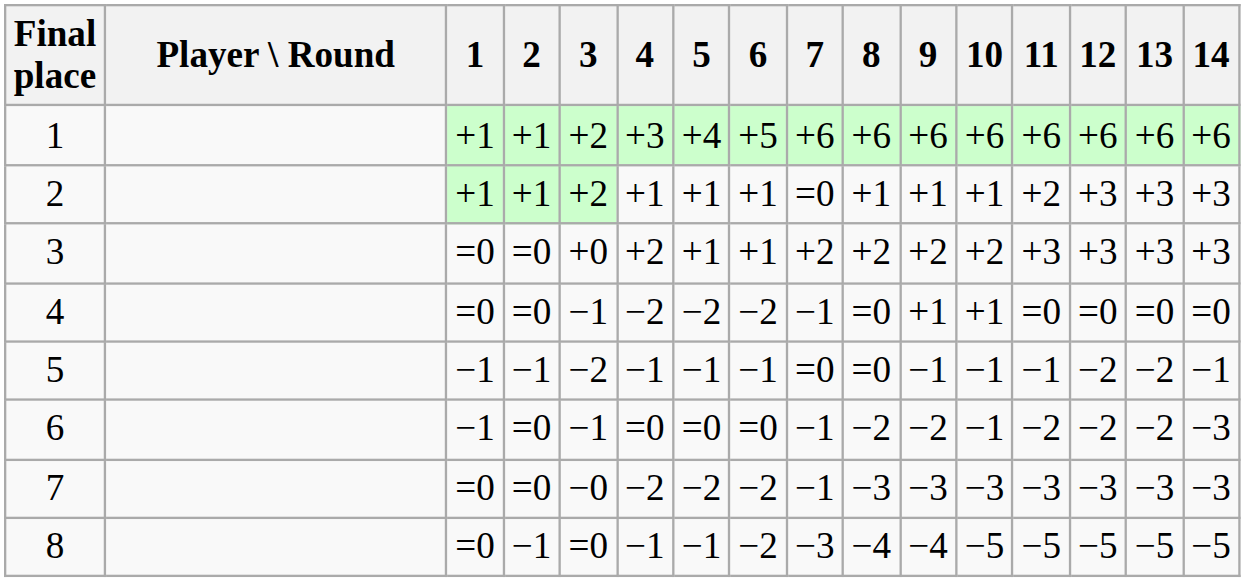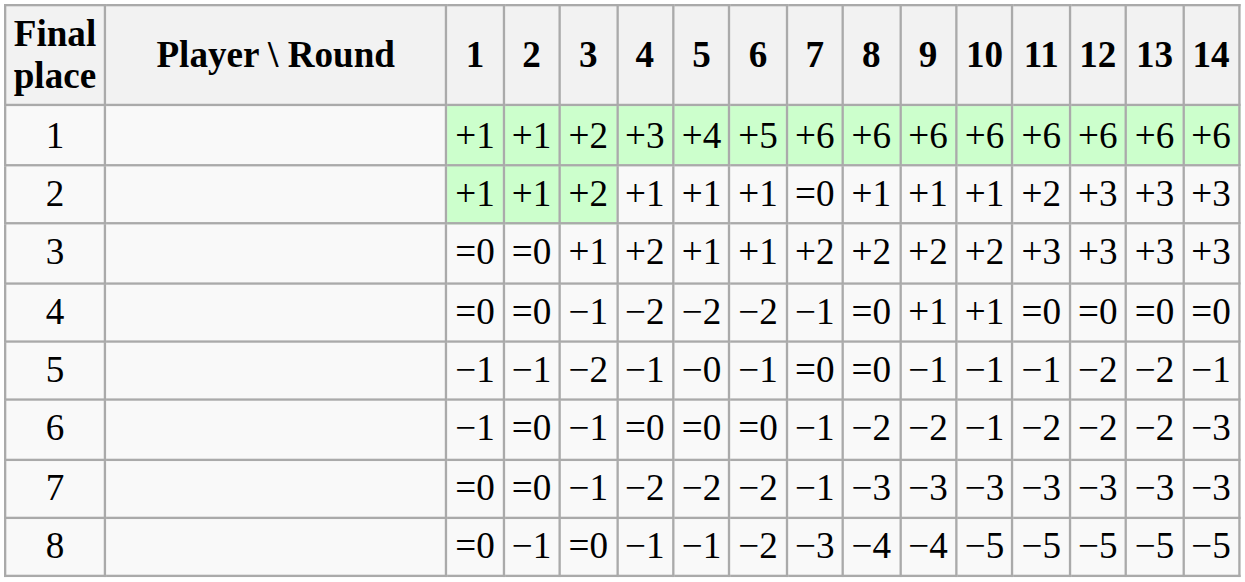 <table class="wikitable" style="font-size:100%; text-align:center; white-space: nowrap;">
 <tr>
 <th>Final<br>place</th>
 <th style="width:140px;">Player \ Round</th>
 <th>1</th>
 <th>2</th>
 <th>3</th>
 <th>4</th>
 <th>5</th>
 <th>6</th>
 <th>7</th>
 <th>8</th>
 <th>9</th>
 <th>10</th>
 <th>11</th>
 <th>12</th>
 <th>13</th>
 <th>14</th>
 </tr>
 <tr>
 <td>1</td>
 <td align=left></td>
 <td bgcolor=#ccffcc>+1</td>
 <td bgcolor=#ccffcc>+1</td>
 <td bgcolor=#ccffcc>+2</td>
 <td bgcolor=#ccffcc>+3</td>
 <td bgcolor=#ccffcc>+4</td>
 <td bgcolor=#ccffcc>+5</td>
 <td bgcolor=#ccffcc>+6</td>
 <td bgcolor=#ccffcc>+6</td>
 <td bgcolor=#ccffcc>+6</td>
 <td bgcolor=#ccffcc>+6</td>
 <td bgcolor=#ccffcc>+6</td>
 <td bgcolor=#ccffcc>+6</td>
 <td bgcolor=#ccffcc>+6</td>
 <td bgcolor=#ccffcc>+6</td>
 </tr>
 <tr>
 <td>2</td>
 <td align=left></td>
 <td bgcolor=#ccffcc>+1</td>
 <td bgcolor=#ccffcc>+1</td>
 <td bgcolor=#ccffcc>+2</td>
 <td>+1</td>
 <td>+1</td>
 <td>+1</td>
 <td>=0</td>
 <td>+1</td>
 <td>+1</td>
 <td>+1</td>
 <td>+2</td>
 <td>+3</td>
 <td>+3</td>
 <td>+3</td>
 </tr>
 <tr>
 <td>3</td>
 <td align=left></td>
 <td>=0</td>
 <td>=0</td>
-<td>+0</td>
+<td>+1</td>
 <td>+2</td>
 <td>+1</td>
 <td>+1</td>
 <td>+2</td>
 <td>+2</td>
 <td>+2</td>
 <td>+2</td>
 <td>+3</td>
 <td>+3</td>
 <td>+3</td>
 <td>+3</td>
 </tr>
 <tr>
 <td>4</td>
 <td align=left></td>
 <td>=0</td>
 <td>=0</td>
 <td>−1</td>
 <td>−2</td>
 <td>−2</td>
 <td>−2</td>
 <td>−1</td>
 <td>=0</td>
 <td>+1</td>
 <td>+1</td>
 <td>=0</td>
 <td>=0</td>
 <td>=0</td>
 <td>=0</td>
 </tr>
 <tr>
 <td>5</td>
 <td align=left></td>
 <td>−1</td>
 <td>−1</td>
 <td>−2</td>
 <td>−1</td>
-<td>−1</td>
+<td>−0</td>
 <td>−1</td>
 <td>=0</td>
 <td>=0</td>
 <td>−1</td>
 <td>−1</td>
 <td>−1</td>
 <td>−2</td>
 <td>−2</td>
 <td>−1</td>
 </tr>
 <tr>
 <td>6</td>
 <td align=left></td>
 <td>−1</td>
 <td>=0</td>
 <td>−1</td>
 <td>=0</td>
 <td>=0</td>
 <td>=0</td>
 <td>−1</td>
 <td>−2</td>
 <td>−2</td>
 <td>−1</td>
 <td>−2</td>
 <td>−2</td>
 <td>−2</td>
 <td>−3</td>
 </tr>
 <tr>
 <td>7</td>
 <td align=left></td>
 <td>=0</td>
 <td>=0</td>
-<td>−0</td>
+<td>−1</td>
 <td>−2</td>
 <td>−2</td>
 <td>−2</td>
 <td>−1</td>
 <td>−3</td>
 <td>−3</td>
 <td>−3</td>
 <td>−3</td>
 <td>−3</td>
 <td>−3</td>
 <td>−3</td>
 </tr>
 <tr>
 <td>8</td>
 <td align=left></td>
 <td>=0</td>
 <td>−1</td>
 <td>=0</td>
 <td>−1</td>
 <td>−1</td>
 <td>−2</td>
 <td>−3</td>
 <td>−4</td>
 <td>−4</td>
 <td>−5</td>
 <td>−5</td>
 <td>−5</td>
 <td>−5</td>
 <td>−5</td>
 </tr>
 </table>
